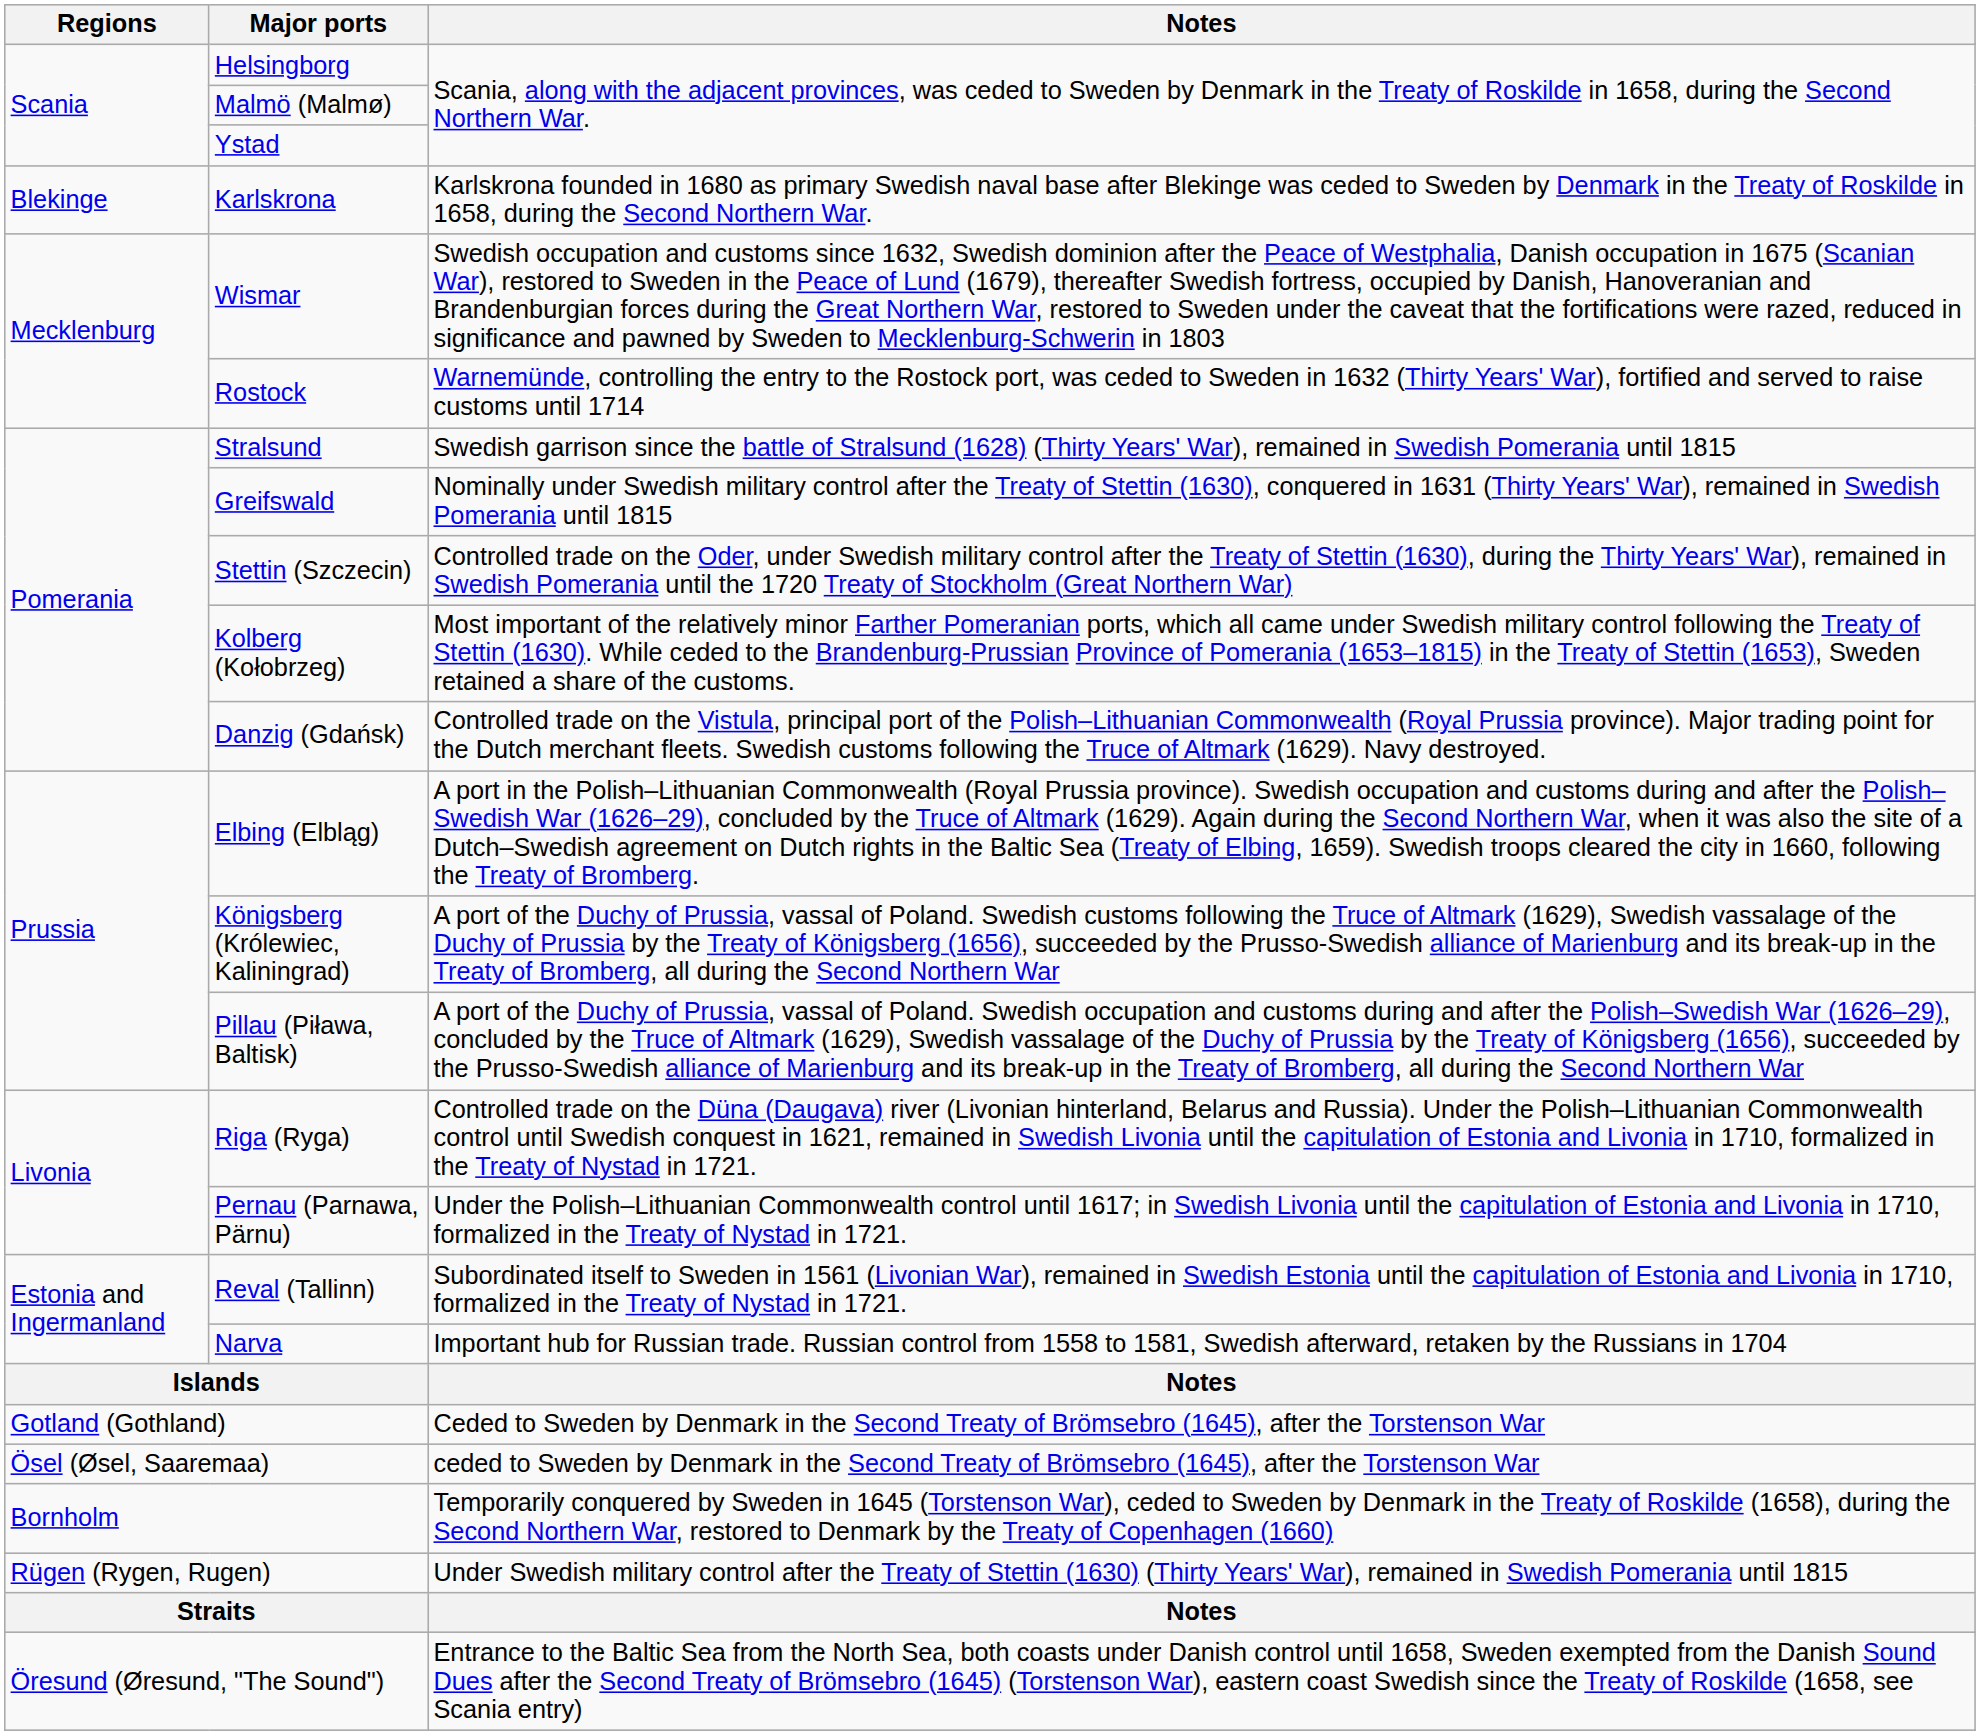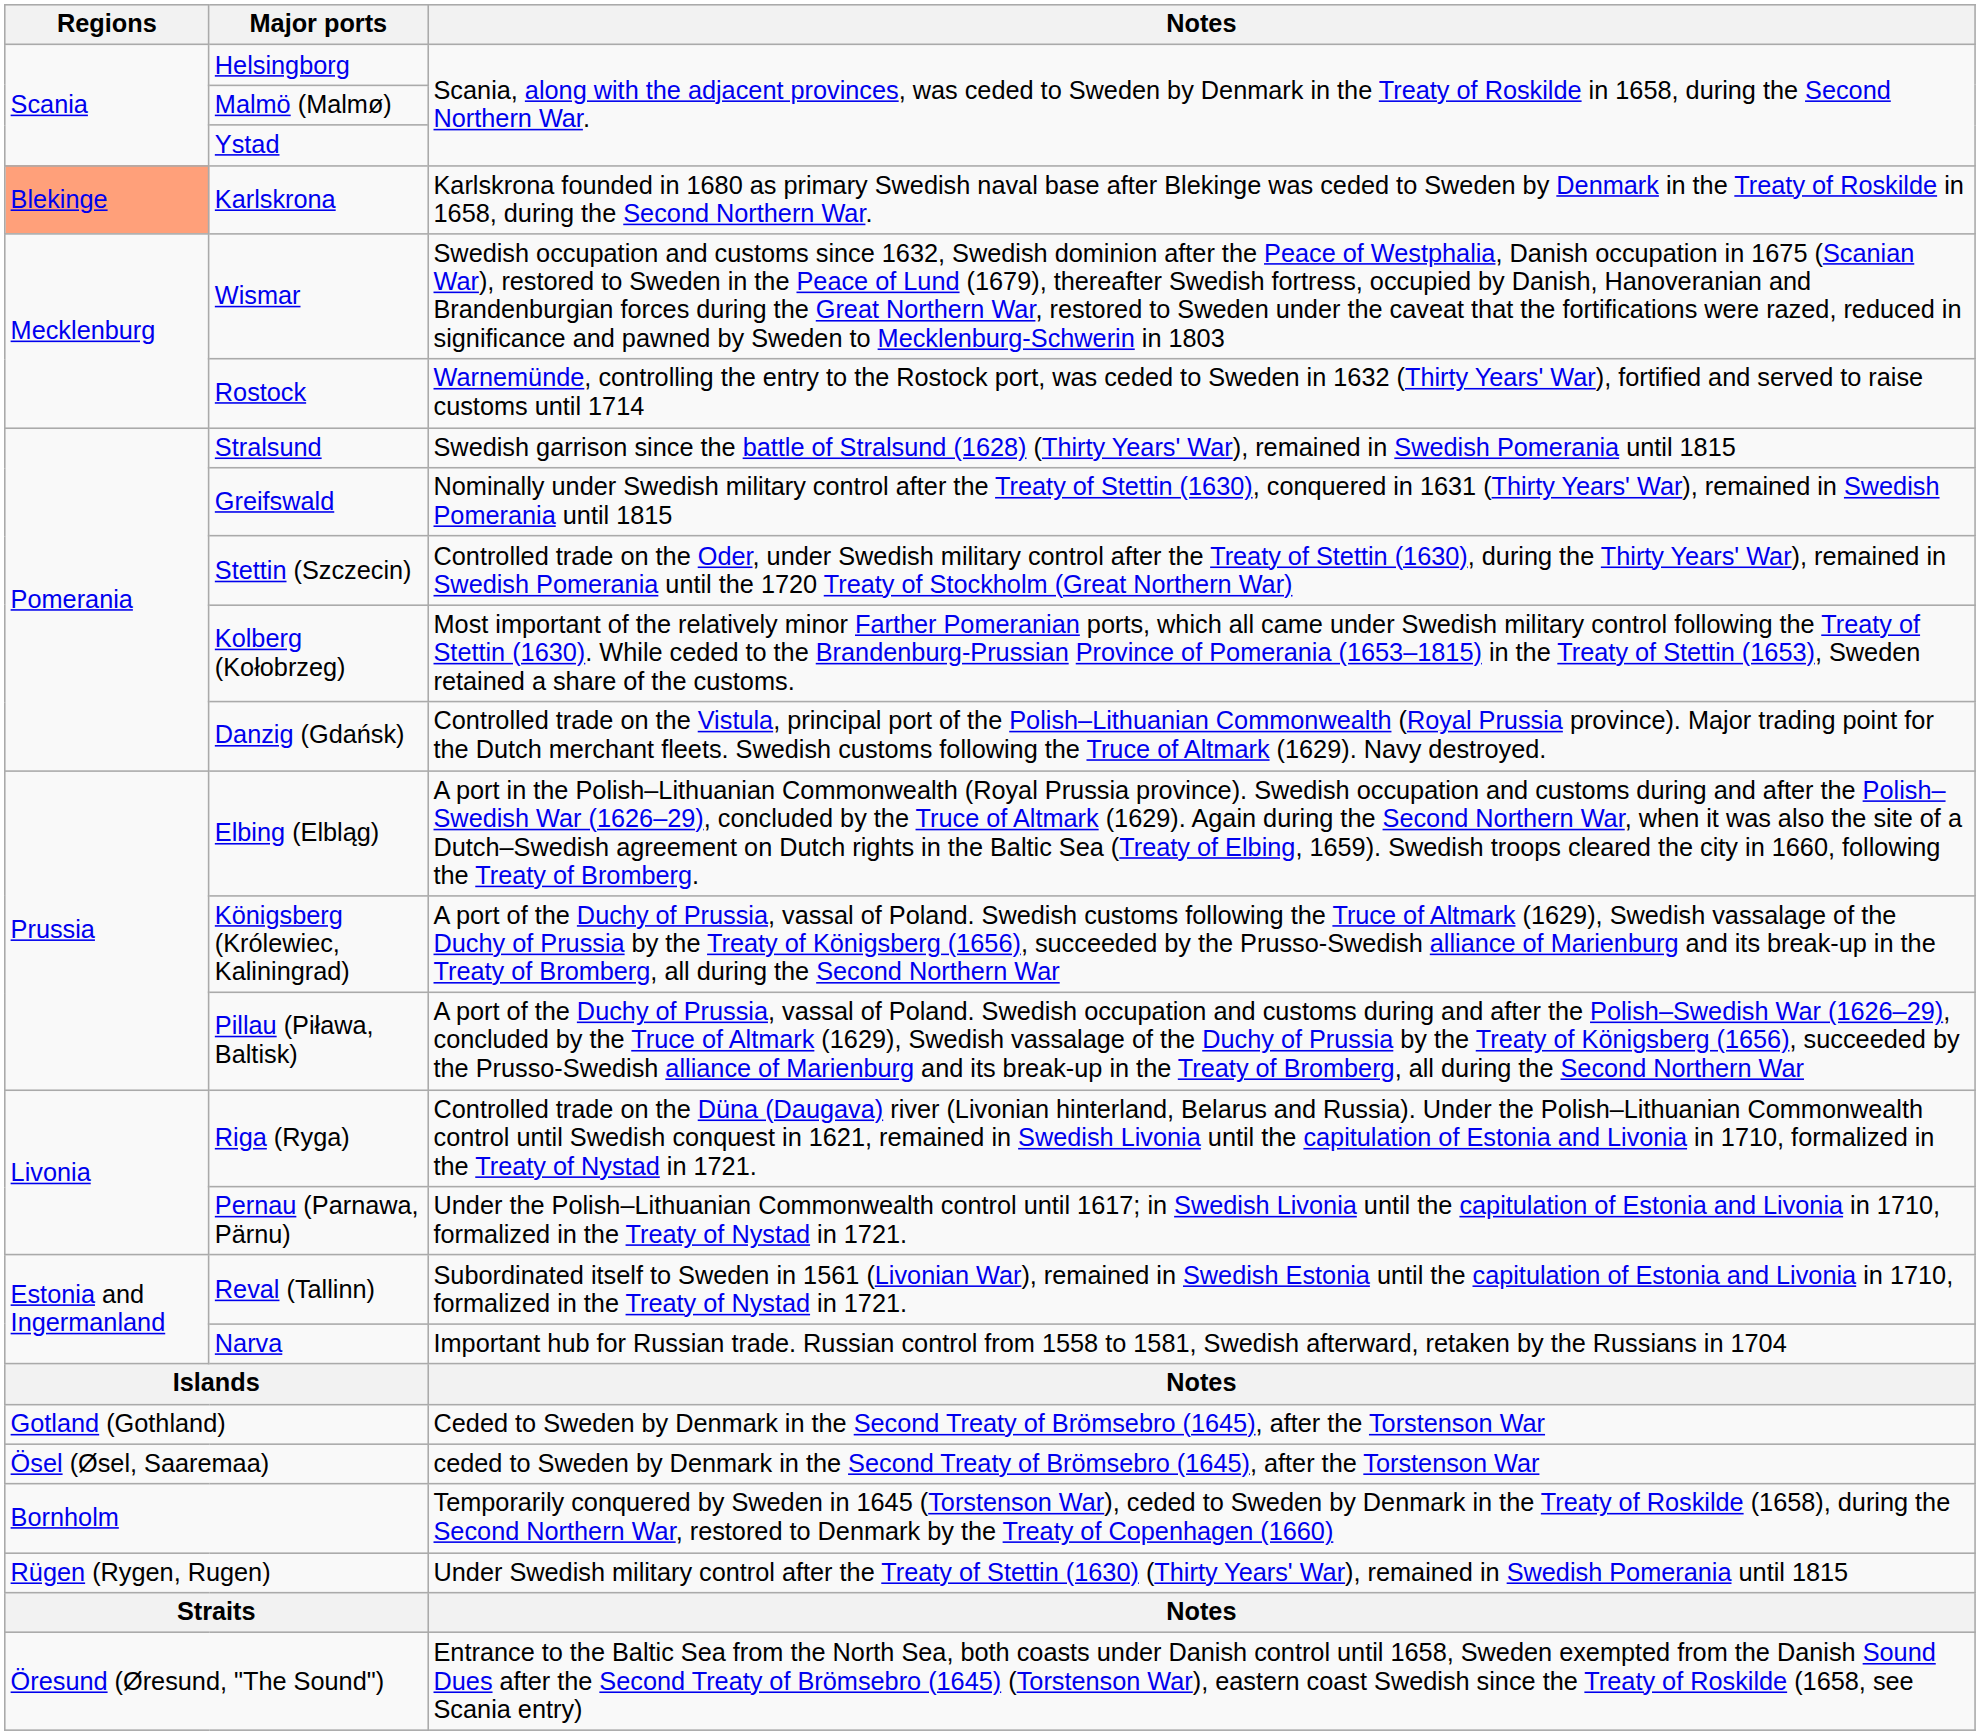 <table class="wikitable">
 <tr>
 <th>Regions</th>
 <th>Major ports</th>
 <th>Notes</th>
 </tr>
 <tr>
 <td rowspan="3"><a href='#'>Scania</a></td>
 <td><a href='#'>Helsingborg</a></td>
 <td rowspan="3">Scania, <a href='#'>along with the adjacent provinces</a>, was ceded to Sweden by Denmark in the <a href='#'>Treaty of Roskilde</a> in 1658, during the <a href='#'>Second Northern War</a>.</td>
 </tr>
 <tr>
 <td><a href='#'>Malmö</a> (Malmø)</td>
 </tr>
 <tr>
 <td><a href='#'>Ystad</a></td>
 </tr>
 <tr>
-<td><a href='#'>Blekinge</a></td>
+<td style="background: lightsalmon;"><a href='#'>Blekinge</a></td>
 <td><a href='#'>Karlskrona</a></td>
 <td>Karlskrona founded in 1680 as primary Swedish naval base after Blekinge was ceded to Sweden by <a href='#'>Denmark</a> in the <a href='#'>Treaty of Roskilde</a> in 1658, during the <a href='#'>Second Northern War</a>.</td>
 </tr>
 <tr>
 <td rowspan="2"><a href='#'>Mecklenburg</a></td>
 <td><a href='#'>Wismar</a></td>
 <td>Swedish occupation and customs since 1632, Swedish dominion after the <a href='#'>Peace of Westphalia</a>, Danish occupation in 1675 (<a href='#'>Scanian War</a>), restored to Sweden in the <a href='#'>Peace of Lund</a> (1679), thereafter Swedish fortress, occupied by Danish, Hanoveranian and Brandenburgian forces during the <a href='#'>Great Northern War</a>, restored to Sweden under the caveat that the fortifications were razed, reduced in significance and pawned by Sweden to <a href='#'>Mecklenburg-Schwerin</a> in 1803</td>
 </tr>
 <tr>
 <td><a href='#'>Rostock</a></td>
 <td><a href='#'>Warnemünde</a>, controlling the entry to the Rostock port, was ceded to Sweden in 1632 (<a href='#'>Thirty Years' War</a>), fortified and served to raise customs until 1714</td>
 </tr>
 <tr>
 <td rowspan="5"><a href='#'>Pomerania</a></td>
 <td><a href='#'>Stralsund</a></td>
 <td>Swedish garrison since the <a href='#'>battle of Stralsund (1628)</a> (<a href='#'>Thirty Years' War</a>), remained in <a href='#'>Swedish Pomerania</a> until 1815</td>
 </tr>
 <tr>
 <td><a href='#'>Greifswald</a></td>
 <td>Nominally under Swedish military control after the <a href='#'>Treaty of Stettin (1630)</a>, conquered in 1631 (<a href='#'>Thirty Years' War</a>), remained in <a href='#'>Swedish Pomerania</a> until 1815</td>
 </tr>
 <tr>
 <td><a href='#'>Stettin</a> (Szczecin)</td>
 <td>Controlled trade on the <a href='#'>Oder</a>, under Swedish military control after the <a href='#'>Treaty of Stettin (1630)</a>, during the <a href='#'>Thirty Years' War</a>), remained in <a href='#'>Swedish Pomerania</a> until the 1720 <a href='#'>Treaty of Stockholm (Great Northern War)</a></td>
 </tr>
 <tr>
 <td><a href='#'>Kolberg</a> (Kołobrzeg)</td>
 <td>Most important of the relatively minor <a href='#'>Farther Pomeranian</a> ports, which all came under Swedish military control following the <a href='#'>Treaty of Stettin (1630)</a>. While ceded to the <a href='#'>Brandenburg-Prussian</a> <a href='#'>Province of Pomerania (1653–1815)</a> in the <a href='#'>Treaty of Stettin (1653)</a>, Sweden retained a share of the customs.</td>
 </tr>
 <tr>
 <td><a href='#'>Danzig</a> (Gdańsk)</td>
 <td>Controlled trade on the <a href='#'>Vistula</a>, principal port of the <a href='#'>Polish–Lithuanian Commonwealth</a> (<a href='#'>Royal Prussia</a> province). Major trading point for the Dutch merchant fleets. Swedish customs following the <a href='#'>Truce of Altmark</a> (1629). Navy destroyed.</td>
 </tr>
 <tr>
 <td rowspan="3"><a href='#'>Prussia</a></td>
 <td><a href='#'>Elbing</a> (Elbląg)</td>
 <td>A port in the Polish–Lithuanian Commonwealth (Royal Prussia province). Swedish occupation and customs during and after the <a href='#'>Polish–Swedish War (1626–29)</a>, concluded by the <a href='#'>Truce of Altmark</a> (1629). Again during the <a href='#'>Second Northern War</a>, when it was also the site of a Dutch–Swedish agreement on Dutch rights in the Baltic Sea (<a href='#'>Treaty of Elbing</a>, 1659). Swedish troops cleared the city in 1660, following the <a href='#'>Treaty of Bromberg</a>.</td>
 </tr>
 <tr>
 <td><a href='#'>Königsberg</a> (Królewiec, Kaliningrad)</td>
 <td>A port of the <a href='#'>Duchy of Prussia</a>, vassal of Poland. Swedish customs following the <a href='#'>Truce of Altmark</a> (1629), Swedish vassalage of the <a href='#'>Duchy of Prussia</a> by the <a href='#'>Treaty of Königsberg (1656)</a>, succeeded by the Prusso-Swedish <a href='#'>alliance of Marienburg</a> and its break-up in the <a href='#'>Treaty of Bromberg</a>, all during the <a href='#'>Second Northern War</a></td>
 </tr>
 <tr>
 <td><a href='#'>Pillau</a> (Piława, Baltisk)</td>
 <td>A port of the <a href='#'>Duchy of Prussia</a>, vassal of Poland. Swedish occupation and customs during and after the <a href='#'>Polish–Swedish War (1626–29)</a>, concluded by the <a href='#'>Truce of Altmark</a> (1629), Swedish vassalage of the <a href='#'>Duchy of Prussia</a> by the <a href='#'>Treaty of Königsberg (1656)</a>, succeeded by the Prusso-Swedish <a href='#'>alliance of Marienburg</a> and its break-up in the <a href='#'>Treaty of Bromberg</a>, all during the <a href='#'>Second Northern War</a></td>
 </tr>
 <tr>
 <td rowspan="2"><a href='#'>Livonia</a></td>
 <td><a href='#'>Riga</a> (Ryga)</td>
 <td>Controlled trade on the <a href='#'>Düna (Daugava)</a> river (Livonian hinterland, Belarus and Russia). Under the Polish–Lithuanian Commonwealth control until Swedish conquest in 1621, remained in <a href='#'>Swedish Livonia</a> until the <a href='#'>capitulation of Estonia and Livonia</a> in 1710, formalized in the <a href='#'>Treaty of Nystad</a> in 1721.</td>
 </tr>
 <tr>
 <td><a href='#'>Pernau</a> (Parnawa, Pärnu)</td>
 <td>Under the Polish–Lithuanian Commonwealth control until 1617; in <a href='#'>Swedish Livonia</a> until the <a href='#'>capitulation of Estonia and Livonia</a> in 1710, formalized in the <a href='#'>Treaty of Nystad</a> in 1721.</td>
 </tr>
 <tr>
 <td rowspan="2"><a href='#'>Estonia</a> and <a href='#'>Ingermanland</a></td>
 <td><a href='#'>Reval</a> (Tallinn)</td>
 <td>Subordinated itself to Sweden in 1561 (<a href='#'>Livonian War</a>), remained in <a href='#'>Swedish Estonia</a> until the <a href='#'>capitulation of Estonia and Livonia</a> in 1710, formalized in the <a href='#'>Treaty of Nystad</a> in 1721.</td>
 </tr>
 <tr>
 <td><a href='#'>Narva</a></td>
 <td>Important hub for Russian trade. Russian control from 1558 to 1581, Swedish afterward, retaken by the Russians in 1704</td>
 </tr>
 <tr>
 <th colspan="2">Islands</th>
 <th>Notes</th>
 </tr>
 <tr>
 <td colspan="2"><a href='#'>Gotland</a> (Gothland)</td>
 <td>Ceded to Sweden by Denmark in the <a href='#'>Second Treaty of Brömsebro (1645)</a>, after the <a href='#'>Torstenson War</a></td>
 </tr>
 <tr>
 <td colspan="2"><a href='#'>Ösel</a> (Øsel, Saaremaa)</td>
 <td>ceded to Sweden by Denmark in the <a href='#'>Second Treaty of Brömsebro (1645)</a>, after the <a href='#'>Torstenson War</a></td>
 </tr>
 <tr>
 <td colspan="2"><a href='#'>Bornholm</a></td>
 <td>Temporarily conquered by Sweden in 1645 (<a href='#'>Torstenson War</a>), ceded to Sweden by Denmark in the <a href='#'>Treaty of Roskilde</a> (1658), during the <a href='#'>Second Northern War</a>, restored to Denmark by the <a href='#'>Treaty of Copenhagen (1660)</a></td>
 </tr>
 <tr>
 <td colspan="2"><a href='#'>Rügen</a> (Rygen, Rugen)</td>
 <td>Under Swedish military control after the <a href='#'>Treaty of Stettin (1630)</a> (<a href='#'>Thirty Years' War</a>), remained in <a href='#'>Swedish Pomerania</a> until 1815</td>
 </tr>
 <tr>
 <th colspan="2">Straits</th>
 <th>Notes</th>
 </tr>
 <tr>
 <td colspan="2"><a href='#'>Öresund</a> (Øresund, "The Sound")</td>
 <td>Entrance to the Baltic Sea from the North Sea, both coasts under Danish control until 1658, Sweden exempted from the Danish <a href='#'>Sound Dues</a> after the <a href='#'>Second Treaty of Brömsebro (1645)</a> (<a href='#'>Torstenson War</a>), eastern coast Swedish since the <a href='#'>Treaty of Roskilde</a> (1658, see Scania entry)</td>
 </tr>
 </table>
